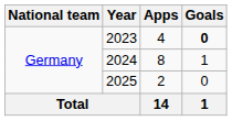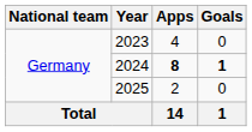 <table class="wikitable" style="text-align: center;">
 <tr>
 <th>National team</th>
 <th>Year</th>
 <th>Apps</th>
 <th>Goals</th>
 </tr>
 <tr>
 <td rowspan=3><a href='#'>Germany</a></td>
 <td>2023</td>
 <td>4</td>
-<td><strong>0</strong></td>
+<td>0</td>
 </tr>
 <tr>
 <td>2024</td>
-<td>8</td>
-<td>1</td>
+<td><strong>8</strong></td>
+<td><strong>1</strong></td>
 </tr>
 <tr>
 <td>2025</td>
 <td>2</td>
 <td>0</td>
 </tr>
 <tr>
 <th colspan="2">Total</th>
 <th>14</th>
 <th>1</th>
 </tr>
 </table>
